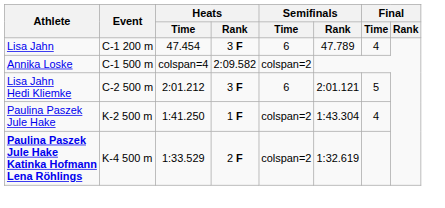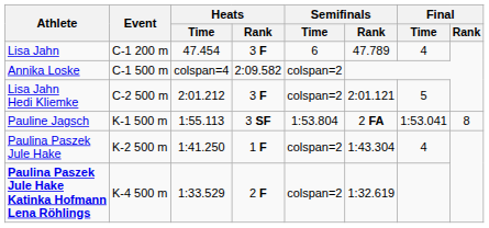 <table class=wikitable style="font-size:90%">
 <tr>
 <th rowspan="2">Athlete</th>
 <th rowspan="2">Event</th>
 <th colspan=2>Heats</th>
 <th colspan=2>Semifinals</th>
 <th colspan=2>Final</th>
 </tr>
 <tr style="font-size:95%">
 <th>Time</th>
 <th>Rank</th>
 <th>Time</th>
 <th>Rank</th>
 <th>Time</th>
 <th>Rank</th>
 </tr>
 <tr align=center>
 <td align=left><a href='#'>Lisa Jahn</a></td>
 <td align=left>C-1 200 m</td>
 <td>47.454</td>
 <td>3 <strong>F</strong></td>
 <td>6</td>
 <td>47.789</td>
 <td>4</td>
 </tr>
 <tr align=center>
 <td align=left><a href='#'>Annika Loske</a></td>
 <td align=left>C-1 500 m</td>
 <td>colspan=4</td>
 <td>2:09.582</td>
 <td>colspan=2</td>
 </tr>
 <tr align=center>
 <td align=left><a href='#'>Lisa Jahn</a><br><a href='#'>Hedi Kliemke</a></td>
 <td align=left>C-2 500 m</td>
 <td>2:01.212</td>
 <td>3 <strong>F</strong></td>
-<td>6</td>
+<td>colspan=2</td>
 <td>2:01.121</td>
 <td>5</td>
+</tr>
+<tr align=center>
+<td align=left><a href='#'>Pauline Jagsch</a></td>
+<td align=left>K-1 500 m</td>
+<td>1:55.113</td>
+<td>3 <strong>SF</strong></td>
+<td>1:53.804</td>
+<td>2 <strong>FA</strong></td>
+<td>1:53.041</td>
+<td>8</td>
 </tr>
 <tr align=center>
 <td align=left><a href='#'>Paulina Paszek</a><br><a href='#'>Jule Hake</a></td>
 <td align=left>K-2 500 m</td>
 <td>1:41.250</td>
 <td>1 <strong>F</strong></td>
 <td>colspan=2</td>
 <td>1:43.304</td>
 <td>4</td>
 </tr>
 <tr align=center>
 <td align=left><strong><a href='#'>Paulina Paszek</a><br><a href='#'>Jule Hake</a><br><a href='#'>Katinka Hofmann</a><br><a href='#'>Lena Röhlings</a></strong></td>
 <td align=left>K-4 500 m</td>
 <td>1:33.529</td>
 <td>2 <strong>F</strong></td>
 <td>colspan=2</td>
 <td>1:32.619</td>
 <td></td>
 </tr>
 </table>
